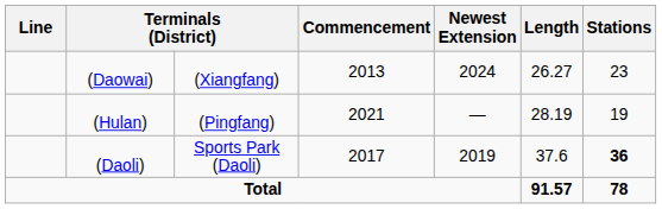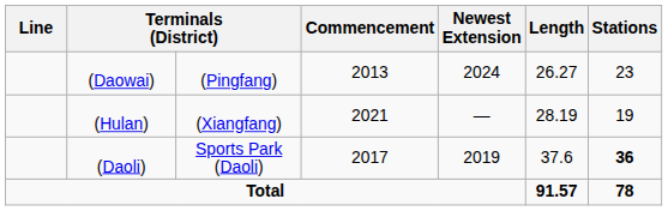 <table class="wikitable sortable" style="cell-padding:1.5; font-size:96%; text-align:center;">
 <tr>
 <th data-sort-type="text"style="width:120px;">Line</th>
 <th class="unsortable" colspan="2" style="width:450px; line-height:1.05">Terminals<br>(District)</th>
 <th>Commencement</th>
 <th>Newest<br>Extension</th>
 <th style="line-height:1.05">Length<br></th>
 <th style="line-height:1.05">Stations</th>
 </tr>
 <tr>
 <td style="text-align:center; line-height:1.05"></td>
 <td style="text-align:center; width:225px; line-height:1.05"><strong></strong><br>(<a href='#'>Daowai</a>)</td>
-<td style="text-align:center; width:225px; line-height:1.05"><strong></strong><br>(<a href='#'>Xiangfang</a>)</td>
+<td style="text-align:center; width:225px; line-height:1.05"><strong></strong><br>(<a href='#'>Pingfang</a>)</td>
 <td style="text-align:center; line-height:1.05">2013</td>
 <td style="text-align:center; line-height:1.05">2024</td>
 <td style="text-align:center; line-height:1.05">26.27</td>
 <td style="text-align:center; line-height:1.05">23</td>
 </tr>
 <tr>
 <td style="text-align:center; line-height:1.05"></td>
 <td style="text-align:center; width:225px; line-height:1.05"><strong></strong><br>(<a href='#'>Hulan</a>)</td>
-<td style="text-align:center; width:225px; line-height:1.05"><strong></strong><br>(<a href='#'>Pingfang</a>)</td>
+<td style="text-align:center; width:225px; line-height:1.05"><strong></strong><br>(<a href='#'>Xiangfang</a>)</td>
 <td style="text-align:center; line-height:1.05">2021</td>
 <td style="text-align:center; line-height:1.05">—</td>
 <td style="text-align:center; line-height:1.05">28.19</td>
 <td style="text-align:center; line-height:1.05">19</td>
 </tr>
 <tr>
 <td style="text-align:center; line-height:1.05"></td>
 <td style="text-align:center; width:225px; line-height:1.05"><strong></strong><br>(<a href='#'>Daoli</a>)</td>
 <td style="text-align:center; width:225px; line-height:1.05"><a href='#'>Sports Park</a><br>(<a href='#'>Daoli</a>)</td>
 <td style="text-align:center; line-height:1.05">2017</td>
 <td style="text-align:center; line-height:1.05">2019</td>
 <td style="text-align:center; line-height:1.05">37.6</td>
 <td style="text-align:center; line-height:1.05"><strong>36</strong></td>
 </tr>
 <tr class="sortbottom">
 <td style="text-align:center; line-height:1.05" colspan="5"><strong>Total</strong></td>
 <td style="text-align:center; line-height:1.05"><strong>91.57</strong></td>
 <td style="text-align:center; line-height:1.05"><strong>78</strong></td>
 </tr>
 </table>
